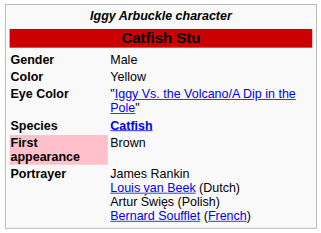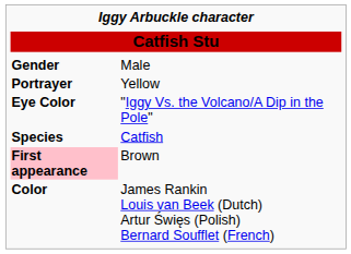 <table class="infobox" style="width: 25em;">
 <tr>
 <td colspan="2" style="text-align:center;"><strong><em>Iggy Arbuckle character</em></strong></td>
 </tr>
 <tr>
 <td colspan="2" style="text-align:center;"></td>
 </tr>
 <tr>
 <th colspan="2" style="font-size: larger; background-color:#c00; color:#000;"><strong>Catfish Stu</strong></th>
 </tr>
 <tr>
 <td colspan="2"></td>
 </tr>
 <tr>
 <td><strong>Gender</strong></td>
 <td>Male</td>
 </tr>
 <tr>
-<td><strong>Color</strong></td>
+<td><strong>Portrayer</strong></td>
 <td>Yellow</td>
 </tr>
 <tr>
 <td><strong>Eye Color</strong></td>
 <td>"<a href='#'>Iggy Vs. the Volcano/A Dip in the Pole</a>"</td>
 </tr>
 <tr>
 <td><strong>Species</strong></td>
-<td><strong><a href='#'>Catfish</a></strong></td>
+<td><a href='#'>Catfish</a></td>
 </tr>
 <tr>
 <td style="background: pink;"><strong>First appearance</strong></td>
 <td>Brown</td>
 </tr>
 <tr>
-<td><strong>Portrayer</strong></td>
+<td><strong>Color</strong></td>
 <td>James Rankin<br><a href='#'>Louis van Beek</a> (Dutch)<br>Artur Święs (Polish) <br><a href='#'>Bernard Soufflet</a> (<a href='#'>French</a>)</td>
 </tr>
 </table>
